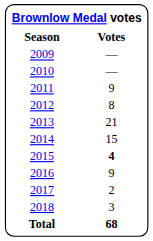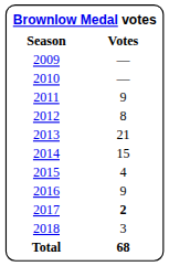 <table style="margin-right:4px; margin-top:8px; float:right; border:1px #000 solid; border-radius:8px; background:#fff; font-family:Verdana; font-size:8pt; text-align:center;">
 <tr style="background:#fff;">
 <td colspan="2;" style="padding:3px; margin-bottom:-3px; margin-top:2px; font-family:Arial; "><strong><a href='#'>Brownlow Medal</a> votes</strong></td>
 </tr>
 <tr>
 <th width=50%>Season</th>
 <th width=50%>Votes</th>
 </tr>
 <tr>
 <td><a href='#'>2009</a></td>
 <td>—</td>
 </tr>
 <tr>
 <td><a href='#'>2010</a></td>
 <td>—</td>
 </tr>
 <tr>
 <td><a href='#'>2011</a></td>
 <td>9</td>
 </tr>
 <tr>
 <td><a href='#'>2012</a></td>
 <td>8</td>
 </tr>
 <tr>
 <td><a href='#'>2013</a></td>
 <td>21</td>
 </tr>
 <tr>
 <td><a href='#'>2014</a></td>
 <td>15</td>
 </tr>
 <tr>
 <td><a href='#'>2015</a></td>
-<td><strong>4</strong></td>
+<td>4</td>
 </tr>
 <tr>
 <td><a href='#'>2016</a></td>
 <td>9</td>
 </tr>
 <tr>
 <td><a href='#'>2017</a></td>
-<td>2</td>
+<td><strong>2</strong></td>
 </tr>
 <tr>
 <td><a href='#'>2018</a></td>
 <td>3</td>
 </tr>
 <tr>
 <td><strong>Total</strong></td>
 <td><strong>68</strong></td>
 </tr>
 <tr>
 </tr>
 </table>
